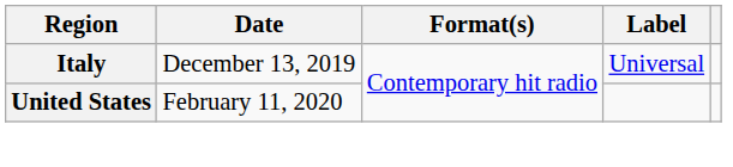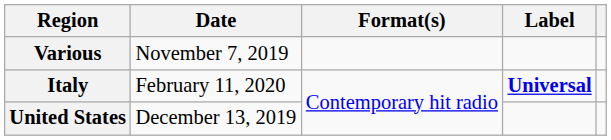 <table class="wikitable plainrowheaders">
 <tr>
 <th scope="col">Region</th>
 <th scope="col">Date</th>
 <th scope="col">Format(s)</th>
 <th scope="col">Label</th>
 <th scope="col"></th>
 </tr>
 <tr>
+<th scope="row">Various</th>
+<td>November 7, 2019</td>
+<td></td>
+<td></td>
+<td></td>
+</tr>
+<tr>
 <th scope="row">Italy</th>
-<td>December 13, 2019</td>
+<td>February 11, 2020</td>
 <td rowspan="2"><a href='#'>Contemporary hit radio</a></td>
-<td><a href='#'>Universal</a></td>
+<td><strong><a href='#'>Universal</a></strong></td>
 <td></td>
 </tr>
 <tr>
 <th scope="row">United States</th>
-<td>February 11, 2020</td>
+<td>December 13, 2019</td>
 <td></td>
 <td></td>
 </tr>
 </table>
